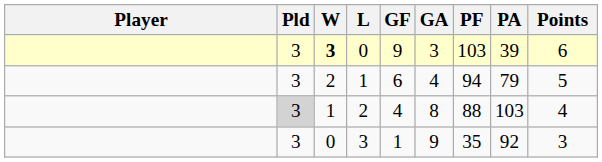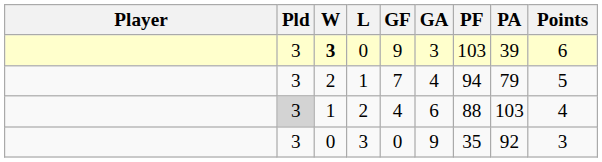 <table class=wikitable style="text-align:center;">
 <tr>
 <th width=220>Player</th>
 <th width=20>Pld</th>
 <th width=20>W</th>
 <th width=20>L</th>
 <th width=20>GF</th>
 <th width=20>GA</th>
 <th width=20>PF</th>
 <th width=20>PA</th>
 <th width=50>Points</th>
 </tr>
 <tr bgcolor=#ffffcc>
 <td style="text-align:left;"></td>
 <td>3</td>
 <td><strong>3</strong></td>
 <td>0</td>
 <td>9</td>
 <td>3</td>
 <td>103</td>
 <td>39</td>
 <td>6</td>
 </tr>
 <tr>
 <td style="text-align:left;"></td>
 <td>3</td>
 <td>2</td>
 <td>1</td>
-<td>6</td>
+<td>7</td>
 <td>4</td>
 <td>94</td>
 <td>79</td>
 <td>5</td>
 </tr>
 <tr>
 <td style="text-align:left;"></td>
 <td style="background: lightgrey;">3</td>
 <td>1</td>
 <td>2</td>
 <td>4</td>
-<td>8</td>
+<td>6</td>
 <td>88</td>
 <td>103</td>
 <td>4</td>
 </tr>
 <tr>
 <td style="text-align:left;"></td>
 <td>3</td>
 <td>0</td>
 <td>3</td>
-<td>1</td>
+<td>0</td>
 <td>9</td>
 <td>35</td>
 <td>92</td>
 <td>3</td>
 </tr>
 </table>
